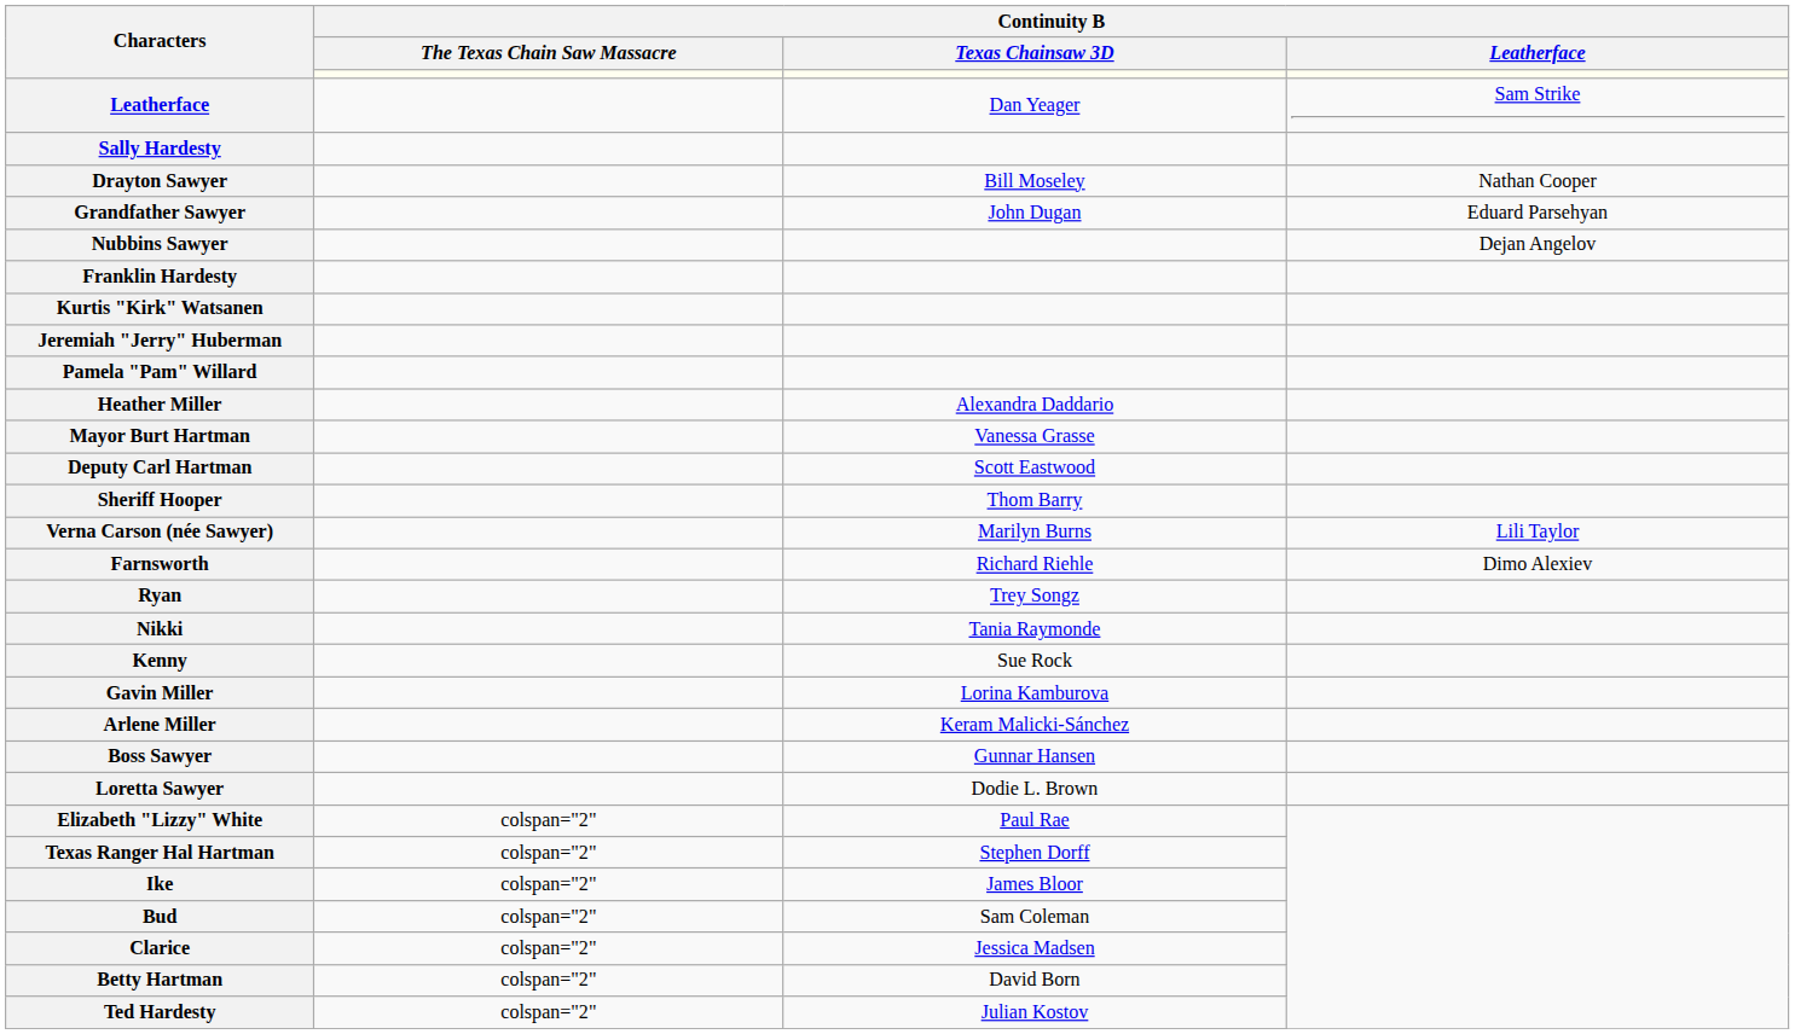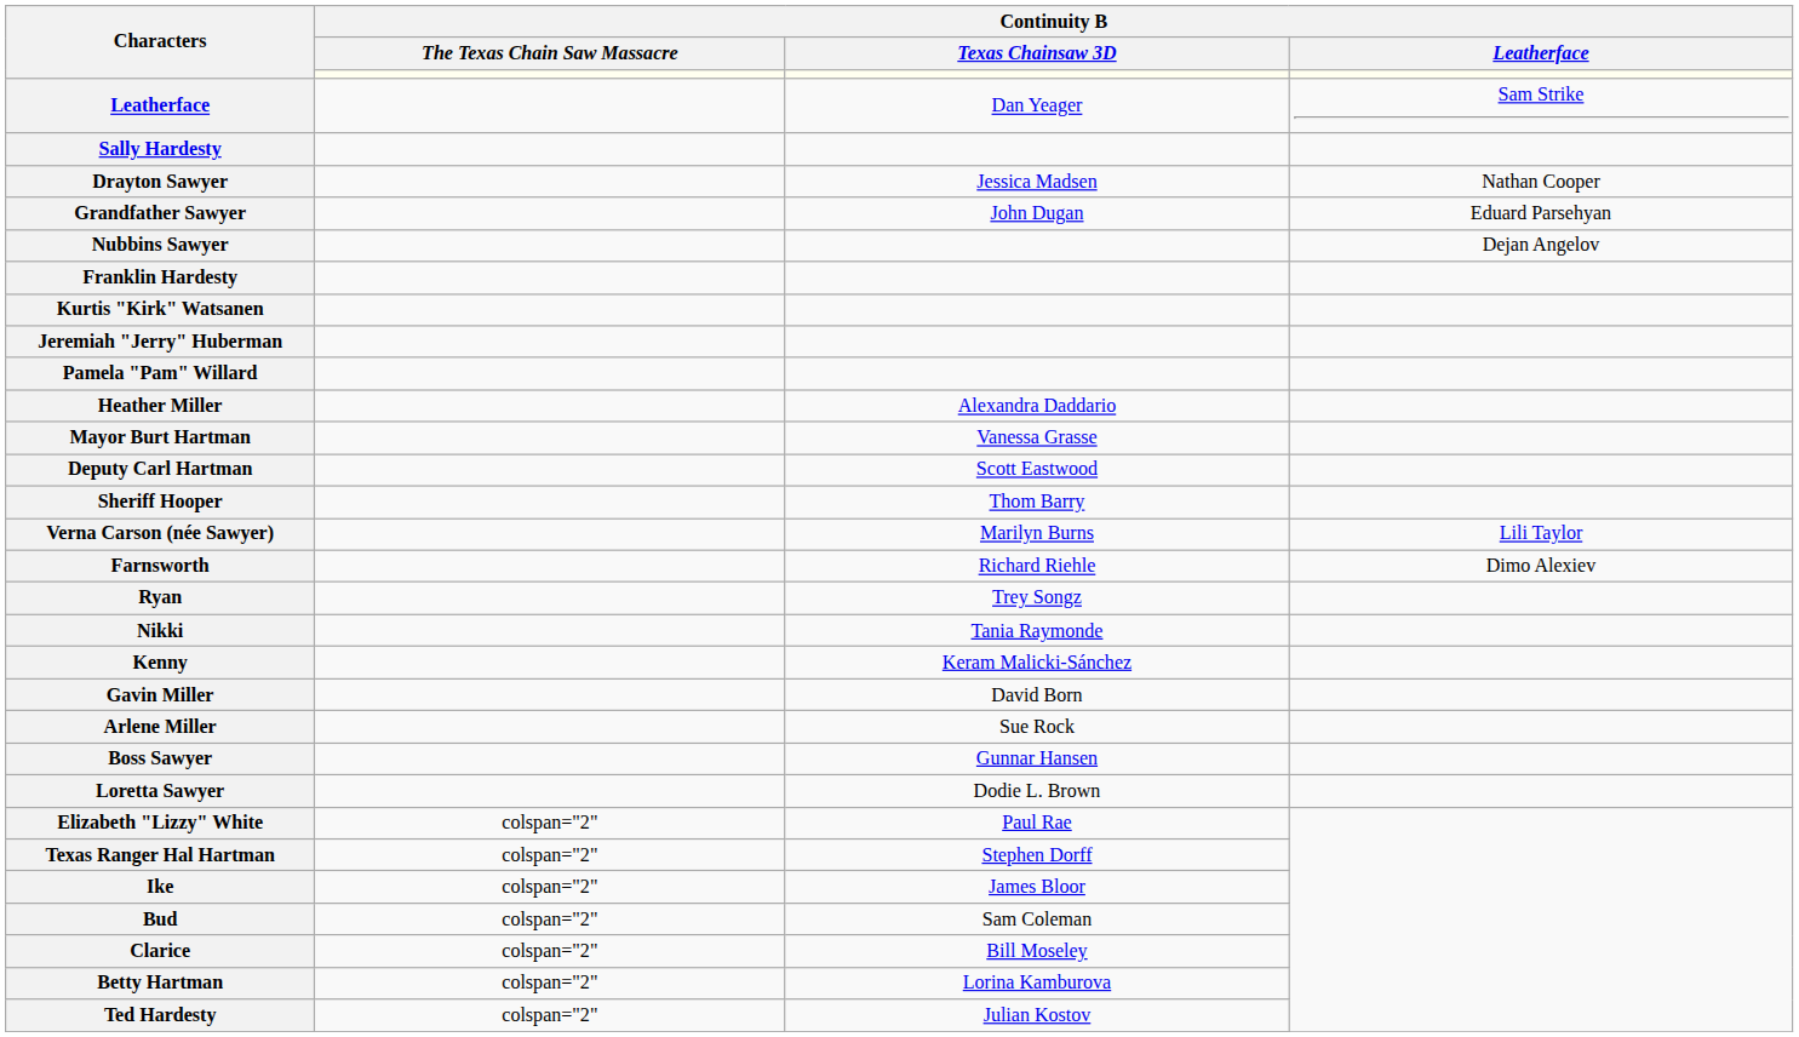 <table class="wikitable" style="text-align:center; width:99%; font-size:85%">
 <tr>
 <th rowspan="3" style="width:9.2%;">Characters</th>
 <th colspan="5" style="text-align:center;">Continuity B</th>
 </tr>
 <tr>
 <th style="text-align:center; width:14%;"><em>The Texas Chain Saw Massacre</em></th>
 <th style="text-align:center; width:15%;"><em><a href='#'>Texas Chainsaw 3D</a></em></th>
 <th style="text-align:center; width:15%;"><a href='#'><em>Leatherface</em></a></th>
 </tr>
 <tr>
 <td style="background:ivory;"></td>
 <td style="background:ivory;"></td>
 <td style="background:ivory;"></td>
 </tr>
 <tr>
 <th><a href='#'>Leatherface<br></a></th>
 <td></td>
 <td><a href='#'>Dan Yeager</a></td>
 <td><a href='#'>Sam Strike</a><hr></td>
 </tr>
 <tr>
 <th><a href='#'>Sally Hardesty</a></th>
 <td></td>
 <td></td>
 <td></td>
 </tr>
 <tr>
 <th>Drayton Sawyer</th>
 <td></td>
-<td><a href='#'>Bill Moseley</a></td>
+<td colspan="1"><a href='#'>Jessica Madsen</a></td>
 <td>Nathan Cooper</td>
 </tr>
 <tr>
 <th>Grandfather Sawyer</th>
 <td></td>
 <td><a href='#'>John Dugan</a></td>
 <td>Eduard Parsehyan</td>
 </tr>
 <tr>
 <th>Nubbins Sawyer</th>
 <td></td>
 <td></td>
 <td>Dejan Angelov</td>
 </tr>
 <tr>
 <th>Franklin Hardesty</th>
 <td></td>
 <td></td>
 <td></td>
 </tr>
 <tr>
 <th>Kurtis "Kirk" Watsanen</th>
 <td></td>
 <td></td>
 <td></td>
 </tr>
 <tr>
 <th>Jeremiah "Jerry" Huberman</th>
 <td></td>
 <td></td>
 <td></td>
 </tr>
 <tr>
 <th>Pamela "Pam" Willard</th>
 <td></td>
 <td></td>
 <td></td>
 </tr>
 <tr>
 <th>Heather Miller<br></th>
 <td></td>
 <td><a href='#'>Alexandra Daddario</a></td>
 <td></td>
 </tr>
 <tr>
 <th>Mayor Burt Hartman</th>
 <td></td>
 <td colspan="1"><a href='#'>Vanessa Grasse</a></td>
 <td></td>
 </tr>
 <tr>
 <th>Deputy Carl Hartman</th>
 <td></td>
 <td><a href='#'>Scott Eastwood</a></td>
 <td></td>
 </tr>
 <tr>
 <th>Sheriff Hooper</th>
 <td></td>
 <td><a href='#'>Thom Barry</a></td>
 <td></td>
 </tr>
 <tr>
 <th>Verna Carson (née Sawyer)</th>
 <td></td>
 <td><a href='#'>Marilyn Burns</a></td>
 <td><a href='#'>Lili Taylor</a></td>
 </tr>
 <tr>
 <th>Farnsworth</th>
 <td></td>
 <td><a href='#'>Richard Riehle</a></td>
 <td>Dimo Alexiev</td>
 </tr>
 <tr>
 <th>Ryan</th>
 <td></td>
 <td><a href='#'>Trey Songz</a></td>
 <td></td>
 </tr>
 <tr>
 <th>Nikki</th>
 <td></td>
 <td><a href='#'>Tania Raymonde</a></td>
 <td></td>
 </tr>
 <tr>
 <th>Kenny</th>
 <td></td>
-<td>Sue Rock</td>
+<td><a href='#'>Keram Malicki-Sánchez</a></td>
 <td></td>
 </tr>
 <tr>
 <th>Gavin Miller</th>
 <td></td>
-<td colspan="1"><a href='#'>Lorina Kamburova</a></td>
+<td>David Born</td>
 <td></td>
 </tr>
 <tr>
 <th>Arlene Miller</th>
 <td></td>
-<td><a href='#'>Keram Malicki-Sánchez</a></td>
+<td>Sue Rock</td>
 <td></td>
 </tr>
 <tr>
 <th>Boss Sawyer</th>
 <td></td>
 <td><a href='#'>Gunnar Hansen</a></td>
 <td></td>
 </tr>
 <tr>
 <th>Loretta Sawyer</th>
 <td></td>
 <td>Dodie L. Brown</td>
 <td></td>
 </tr>
 <tr>
 <th>Elizabeth "Lizzy" White</th>
 <td>colspan="2" </td>
 <td><a href='#'>Paul Rae</a></td>
 </tr>
 <tr>
 <th>Texas Ranger Hal Hartman</th>
 <td>colspan="2" </td>
 <td colspan="1"><a href='#'>Stephen Dorff</a></td>
 </tr>
 <tr>
 <th>Ike</th>
 <td>colspan="2" </td>
 <td colspan="1"><a href='#'>James Bloor</a></td>
 </tr>
 <tr>
 <th>Bud</th>
 <td>colspan="2" </td>
 <td colspan="1">Sam Coleman</td>
 </tr>
 <tr>
 <th>Clarice</th>
 <td>colspan="2" </td>
-<td colspan="1"><a href='#'>Jessica Madsen</a></td>
+<td><a href='#'>Bill Moseley</a></td>
 </tr>
 <tr>
 <th>Betty Hartman</th>
 <td>colspan="2" </td>
-<td>David Born</td>
+<td colspan="1"><a href='#'>Lorina Kamburova</a></td>
 </tr>
 <tr>
 <th>Ted Hardesty</th>
 <td>colspan="2" </td>
 <td colspan="1"><a href='#'>Julian Kostov</a></td>
 </tr>
 <tr>
 </tr>
 </table>
